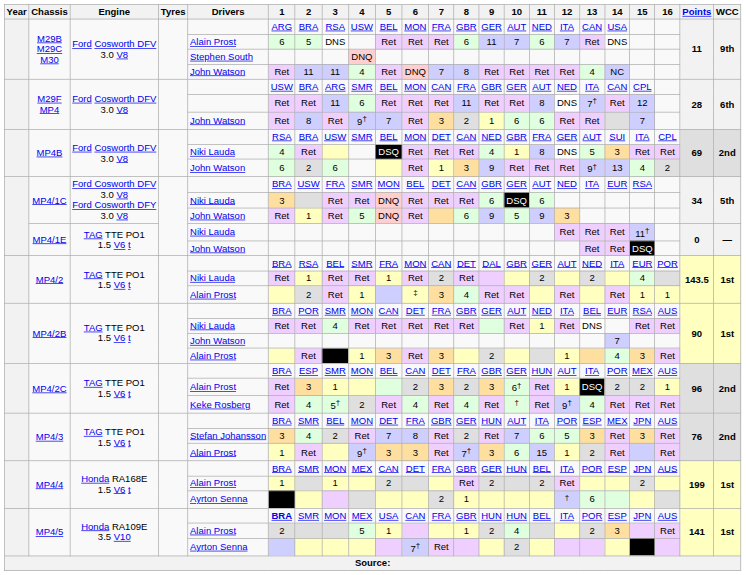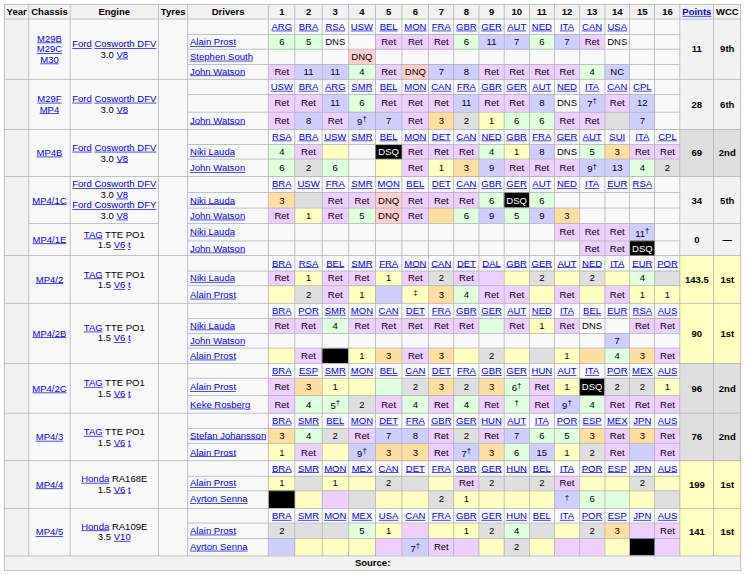 <table class="wikitable" style="text-align:center; font-size:85%">
 <tr>
 <th>Year</th>
 <th>Chassis</th>
 <th>Engine</th>
 <th>Tyres</th>
 <th>Drivers</th>
 <th>1</th>
 <th>2</th>
 <th>3</th>
 <th>4</th>
 <th>5</th>
 <th>6</th>
 <th>7</th>
 <th>8</th>
 <th>9</th>
 <th>10</th>
 <th>11</th>
 <th>12</th>
 <th>13</th>
 <th>14</th>
 <th>15</th>
 <th>16</th>
 <th><a href='#'>Points</a></th>
 <th>WCC</th>
 </tr>
 <tr>
 <th rowspan=4></th>
 <td rowspan=4><a href='#'>M29B</a><br><a href='#'>M29C</a><br><a href='#'>M30</a></td>
 <td rowspan=4><a href='#'>Ford</a> <a href='#'>Cosworth DFV</a><br>3.0 <a href='#'>V8</a></td>
 <td rowspan=4></td>
 <td></td>
 <td><a href='#'>ARG</a></td>
 <td><a href='#'>BRA</a></td>
 <td><a href='#'>RSA</a></td>
 <td><a href='#'>USW</a></td>
 <td><a href='#'>BEL</a></td>
 <td><a href='#'>MON</a></td>
 <td><a href='#'>FRA</a></td>
 <td><a href='#'>GBR</a></td>
 <td><a href='#'>GER</a></td>
 <td><a href='#'>AUT</a></td>
 <td><a href='#'>NED</a></td>
 <td><a href='#'>ITA</a></td>
 <td><a href='#'>CAN</a></td>
 <td><a href='#'>USA</a></td>
 <td></td>
 <td></td>
 <th rowspan=4>11</th>
 <th rowspan=4>9th</th>
 </tr>
 <tr>
 <td align="left"> <a href='#'>Alain Prost</a></td>
 <td style="background:#dfffdf">6</td>
 <td style="background:#dfffdf">5</td>
 <td style="background:#ffffff">DNS</td>
 <td></td>
 <td style="background:#efcfff">Ret</td>
 <td style="background:#efcfff">Ret</td>
 <td style="background:#efcfff">Ret</td>
 <td style="background:#dfffdf">6</td>
 <td style="background:#cfcfff">11</td>
 <td style="background:#cfcfff">7</td>
 <td style="background:#dfffdf">6</td>
 <td style="background:#cfcfff">7</td>
 <td style="background:#efcfff">Ret</td>
 <td style="background:#ffffff">DNS</td>
 <td></td>
 <td></td>
 </tr>
 <tr>
 <td align="left"> <a href='#'>Stephen South</a></td>
 <td></td>
 <td></td>
 <td></td>
 <td style="background:#FFCFCF">DNQ</td>
 <td></td>
 <td></td>
 <td></td>
 <td></td>
 <td></td>
 <td></td>
 <td></td>
 <td></td>
 <td></td>
 <td></td>
 <td></td>
 <td></td>
 </tr>
 <tr>
 <td align="left"> <a href='#'>John Watson</a></td>
 <td style="background:#efcfff">Ret</td>
 <td style="background:#cfcfff">11</td>
 <td style="background:#cfcfff">11</td>
 <td style="background:#dfffdf">4</td>
 <td style="background:#efcfff">Ret</td>
 <td style="background:#FFCFCF">DNQ</td>
 <td style="background:#cfcfff">7</td>
 <td style="background:#cfcfff">8</td>
 <td style="background:#efcfff">Ret</td>
 <td style="background:#efcfff">Ret</td>
 <td style="background:#efcfff">Ret</td>
 <td style="background:#efcfff">Ret</td>
 <td style="background:#dfffdf">4</td>
 <td style="background:#cfcfff">NC</td>
 <td></td>
 <td></td>
 </tr>
 <tr>
 <th rowspan=3></th>
 <td rowspan=3><a href='#'>M29F</a><br><a href='#'>MP4</a></td>
 <td rowspan=3><a href='#'>Ford</a> <a href='#'>Cosworth DFV</a><br>3.0 <a href='#'>V8</a></td>
 <td rowspan=3></td>
 <td></td>
 <td><a href='#'>USW</a></td>
 <td><a href='#'>BRA</a></td>
 <td><a href='#'>ARG</a></td>
 <td><a href='#'>SMR</a></td>
 <td><a href='#'>BEL</a></td>
 <td><a href='#'>MON</a></td>
 <td><a href='#'>CAN</a></td>
 <td><a href='#'>FRA</a></td>
 <td><a href='#'>GBR</a></td>
 <td><a href='#'>GER</a></td>
 <td><a href='#'>AUT</a></td>
 <td><a href='#'>NED</a></td>
 <td><a href='#'>ITA</a></td>
 <td><a href='#'>CAN</a></td>
 <td><a href='#'>CPL</a></td>
 <td></td>
 <th rowspan=3>28</th>
 <th rowspan=3>6th</th>
 </tr>
 <tr>
 <td align="left"></td>
 <td style="background:#efcfff">Ret</td>
 <td style="background:#efcfff">Ret</td>
 <td style="background:#cfcfff">11</td>
 <td style="background:#dfffdf">6</td>
 <td style="background:#efcfff">Ret</td>
 <td style="background:#efcfff">Ret</td>
 <td style="background:#efcfff">Ret</td>
 <td style="background:#cfcfff">11</td>
 <td style="background:#efcfff">Ret</td>
 <td style="background:#efcfff">Ret</td>
 <td style="background:#cfcfff">8</td>
 <td style="background:#ffffff">DNS</td>
 <td style="background:#cfcfff">7<sup>†</sup></td>
 <td style="background:#efcfff">Ret</td>
 <td style="background:#cfcfff">12</td>
 <td></td>
 </tr>
 <tr>
 <td align="left"> <a href='#'>John Watson</a></td>
 <td style="background:#efcfff">Ret</td>
 <td style="background:#cfcfff">8</td>
 <td style="background:#efcfff">Ret</td>
 <td style="background:#CFCFFF">9<sup>†</sup></td>
 <td style="background:#cfcfff">7</td>
 <td style="background:#efcfff">Ret</td>
 <td style="background:#ffdf9f">3</td>
 <td style="background:#dfdfdf">2</td>
 <td style="background:#ffffbf">1</td>
 <td style="background:#dfffdf">6</td>
 <td style="background:#dfffdf">6</td>
 <td style="background:#efcfff">Ret</td>
 <td style="background:#efcfff">Ret</td>
 <td style="background:#dfdfdf"></td>
 <td style="background:#cfcfff">7</td>
 <td></td>
 </tr>
 <tr>
 <th rowspan=3></th>
 <td rowspan=3><a href='#'>MP4B</a></td>
 <td rowspan=3><a href='#'>Ford</a> <a href='#'>Cosworth DFV</a><br>3.0 <a href='#'>V8</a></td>
 <td rowspan=3></td>
 <td></td>
 <td><a href='#'>RSA</a></td>
 <td><a href='#'>BRA</a></td>
 <td><a href='#'>USW</a></td>
 <td><a href='#'>SMR</a></td>
 <td><a href='#'>BEL</a></td>
 <td><a href='#'>MON</a></td>
 <td><a href='#'>DET</a></td>
 <td><a href='#'>CAN</a></td>
 <td><a href='#'>NED</a></td>
 <td><a href='#'>GBR</a></td>
 <td><a href='#'>FRA</a></td>
 <td><a href='#'>GER</a></td>
 <td><a href='#'>AUT</a></td>
 <td><a href='#'>SUI</a></td>
 <td><a href='#'>ITA</a></td>
 <td><a href='#'>CPL</a></td>
 <td rowspan=3 style="background:#dfdfdf"><strong>69</strong></td>
 <td rowspan=3 style="background:#dfdfdf"><strong>2nd</strong></td>
 </tr>
 <tr>
 <td align="left"> <a href='#'>Niki Lauda</a></td>
 <td style="background:#dfffdf">4</td>
 <td style="background:#efcfff">Ret</td>
 <td style="background:#ffffbf"></td>
 <td></td>
 <td style="background:#000000; color:white">DSQ</td>
 <td style="background:#efcfff">Ret</td>
 <td style="background:#efcfff">Ret</td>
 <td style="background:#efcfff">Ret</td>
 <td style="background:#dfffdf">4</td>
 <td style="background:#ffffbf">1</td>
 <td style="background:#cfcfff">8</td>
 <td style="background:#ffffff">DNS</td>
 <td style="background:#dfffdf">5</td>
 <td style="background:#ffdf9f">3</td>
 <td style="background:#efcfff">Ret</td>
 <td style="background:#efcfff">Ret</td>
 </tr>
 <tr>
 <td align="left"> <a href='#'>John Watson</a></td>
 <td style="background:#dfffdf">6</td>
 <td style="background:#dfdfdf">2</td>
 <td style="background:#dfffdf">6</td>
 <td></td>
 <td style="background:#ffffbf"></td>
 <td style="background:#efcfff">Ret</td>
 <td style="background:#ffffbf">1</td>
 <td style="background:#ffdf9f">3</td>
 <td style="background:#cfcfff">9</td>
 <td style="background:#efcfff">Ret</td>
 <td style="background:#efcfff">Ret</td>
 <td style="background:#efcfff">Ret</td>
 <td style="background:#cfcfff">9<sup>†</sup></td>
 <td style="background:#cfcfff">13</td>
 <td style="background:#dfffdf">4</td>
 <td style="background:#dfdfdf">2</td>
 </tr>
 <tr>
 <th rowspan=5></th>
 <td rowspan=3><a href='#'>MP4/1C</a></td>
 <td rowspan=3><a href='#'>Ford Cosworth DFV</a><br>3.0 <a href='#'>V8</a><br><a href='#'>Ford Cosworth DFY</a><br>3.0 <a href='#'>V8</a></td>
 <td rowspan=5></td>
 <td></td>
 <td><a href='#'>BRA</a></td>
 <td><a href='#'>USW</a></td>
 <td><a href='#'>FRA</a></td>
 <td><a href='#'>SMR</a></td>
 <td><a href='#'>MON</a></td>
 <td><a href='#'>BEL</a></td>
 <td><a href='#'>DET</a></td>
 <td><a href='#'>CAN</a></td>
 <td><a href='#'>GBR</a></td>
 <td><a href='#'>GER</a></td>
 <td><a href='#'>AUT</a></td>
 <td><a href='#'>NED</a></td>
 <td><a href='#'>ITA</a></td>
 <td><a href='#'>EUR</a></td>
 <td><a href='#'>RSA</a></td>
 <td></td>
 <th rowspan=3>34</th>
 <th rowspan=3>5th</th>
 </tr>
 <tr>
 <td align="left"> <a href='#'>Niki Lauda</a></td>
 <td style="background:#ffdf9f">3</td>
 <td style="background:#DFDFDF"></td>
 <td style="background:#efcfff">Ret</td>
 <td style="background:#efcfff">Ret</td>
 <td style="background:#FFCFCF">DNQ</td>
 <td style="background:#efcfff">Ret</td>
 <td style="background:#efcfff">Ret</td>
 <td style="background:#efcfff">Ret</td>
 <td style="background:#DFFFDF">6</td>
 <td style="background:#000000; color:white">DSQ</td>
 <td style="background:#DFFFDF">6</td>
 <td></td>
 <td></td>
 <td></td>
 <td></td>
 <td></td>
 </tr>
 <tr>
 <td align="left"> <a href='#'>John Watson</a></td>
 <td style="background:#efcfff">Ret</td>
 <td style="background:#FFFFBF">1</td>
 <td style="background:#efcfff">Ret</td>
 <td style="background:#DFFFDF">5</td>
 <td style="background:#FFCFCF">DNQ</td>
 <td style="background:#efcfff">Ret</td>
 <td style="background:#ffdf9f"></td>
 <td style="background:#DFFFDF">6</td>
 <td style="background:#CFCFFF">9</td>
 <td style="background:#DFFFDF">5</td>
 <td style="background:#CFCFFF">9</td>
 <td style="background:#ffdf9f">3</td>
 <td></td>
 <td></td>
 <td></td>
 <td></td>
 </tr>
 <tr>
 <td rowspan=2><a href='#'>MP4/1E</a></td>
 <td rowspan=2><a href='#'>TAG</a> TTE PO1<br>1.5 <a href='#'>V6</a> <a href='#'>t</a></td>
 <td align="left"> <a href='#'>Niki Lauda</a></td>
 <td></td>
 <td></td>
 <td></td>
 <td></td>
 <td></td>
 <td></td>
 <td></td>
 <td></td>
 <td></td>
 <td></td>
 <td></td>
 <td style="background:#efcfff">Ret</td>
 <td style="background:#efcfff">Ret</td>
 <td style="background:#efcfff">Ret</td>
 <td style="background:#CFCFFF">11<sup>†</sup></td>
 <td></td>
 <th rowspan=2>0</th>
 <th rowspan=2>—</th>
 </tr>
 <tr>
 <td align="left"> <a href='#'>John Watson</a></td>
 <td></td>
 <td></td>
 <td></td>
 <td></td>
 <td></td>
 <td></td>
 <td></td>
 <td></td>
 <td></td>
 <td></td>
 <td></td>
 <td></td>
 <td style="background:#efcfff">Ret</td>
 <td style="background:#efcfff">Ret</td>
 <td style="background:#000000; color:white">DSQ</td>
 <td></td>
 </tr>
 <tr>
 <th rowspan=3></th>
 <td rowspan=3><a href='#'>MP4/2</a></td>
 <td rowspan=3><a href='#'>TAG</a> TTE PO1<br>1.5 <a href='#'>V6</a> <a href='#'>t</a></td>
 <td rowspan=3></td>
 <td></td>
 <td><a href='#'>BRA</a></td>
 <td><a href='#'>RSA</a></td>
 <td><a href='#'>BEL</a></td>
 <td><a href='#'>SMR</a></td>
 <td><a href='#'>FRA</a></td>
 <td><a href='#'>MON</a></td>
 <td><a href='#'>CAN</a></td>
 <td><a href='#'>DET</a></td>
 <td><a href='#'>DAL</a></td>
 <td><a href='#'>GBR</a></td>
 <td><a href='#'>GER</a></td>
 <td><a href='#'>AUT</a></td>
 <td><a href='#'>NED</a></td>
 <td><a href='#'>ITA</a></td>
 <td><a href='#'>EUR</a></td>
 <td><a href='#'>POR</a></td>
 <td rowspan=3 style="background:#FFFFBF"><strong>143.5</strong></td>
 <td rowspan=3 style="background:#FFFFBF"><strong>1st</strong></td>
 </tr>
 <tr>
 <td align="left"> <a href='#'>Niki Lauda</a></td>
 <td style="background:#efcfff">Ret</td>
 <td style="background:#FFFFBF">1</td>
 <td style="background:#efcfff">Ret</td>
 <td style="background:#efcfff">Ret</td>
 <td style="background:#FFFFBF">1</td>
 <td style="background:#efcfff">Ret</td>
 <td style="background:#DFDFDF">2</td>
 <td style="background:#efcfff">Ret</td>
 <td style="background:#efcfff"></td>
 <td style="background:#FFFFBF"></td>
 <td style="background:#DFDFDF">2</td>
 <td style="background:#FFFFBF"></td>
 <td style="background:#DFDFDF">2</td>
 <td style="background:#FFFFBF"></td>
 <td style="background:#DFFFDF">4</td>
 <td style="background:#DFDFDF"></td>
 </tr>
 <tr>
 <td align="left"> <a href='#'>Alain Prost</a></td>
 <td style="background:#FFFFBF"></td>
 <td style="background:#DFDFDF">2</td>
 <td style="background:#efcfff">Ret</td>
 <td style="background:#FFFFBF">1</td>
 <td style="background:#CFCFFF"></td>
 <td style="background:#FFFFBF"><sup>‡</sup></td>
 <td style="background:#ffdf9f">3</td>
 <td style="background:#DFFFDF">4</td>
 <td style="background:#efcfff">Ret</td>
 <td style="background:#efcfff">Ret</td>
 <td style="background:#FFFFBF"></td>
 <td style="background:#efcfff">Ret</td>
 <td style="background:#FFFFBF"></td>
 <td style="background:#efcfff">Ret</td>
 <td style="background:#FFFFBF">1</td>
 <td style="background:#FFFFBF">1</td>
 </tr>
 <tr>
 <th rowspan=4></th>
 <td rowspan=4><a href='#'>MP4/2B</a></td>
 <td rowspan=4><a href='#'>TAG</a> TTE PO1<br>1.5 <a href='#'>V6</a> <a href='#'>t</a></td>
 <td rowspan=4></td>
 <td></td>
 <td><a href='#'>BRA</a></td>
 <td><a href='#'>POR</a></td>
 <td><a href='#'>SMR</a></td>
 <td><a href='#'>MON</a></td>
 <td><a href='#'>CAN</a></td>
 <td><a href='#'>DET</a></td>
 <td><a href='#'>FRA</a></td>
 <td><a href='#'>GBR</a></td>
 <td><a href='#'>GER</a></td>
 <td><a href='#'>AUT</a></td>
 <td><a href='#'>NED</a></td>
 <td><a href='#'>ITA</a></td>
 <td><a href='#'>BEL</a></td>
 <td><a href='#'>EUR</a></td>
 <td><a href='#'>RSA</a></td>
 <td><a href='#'>AUS</a></td>
 <td rowspan=4 style="background:#FFFFBF"><strong>90</strong></td>
 <td rowspan=4 style="background:#FFFFBF"><strong>1st</strong></td>
 </tr>
 <tr>
 <td align="left"> <a href='#'>Niki Lauda</a></td>
 <td style="background:#efcfff">Ret</td>
 <td style="background:#efcfff">Ret</td>
 <td style="background:#DFFFDF">4</td>
 <td style="background:#efcfff">Ret</td>
 <td style="background:#efcfff">Ret</td>
 <td style="background:#efcfff">Ret</td>
 <td style="background:#efcfff">Ret</td>
 <td style="background:#efcfff">Ret</td>
 <td style="background:#DFFFDF"></td>
 <td style="background:#efcfff">Ret</td>
 <td style="background:#FFFFBF">1</td>
 <td style="background:#efcfff">Ret</td>
 <td style="background:#ffffff">DNS</td>
 <td></td>
 <td style="background:#efcfff">Ret</td>
 <td style="background:#efcfff">Ret</td>
 </tr>
 <tr>
 <td align="left"> <a href='#'>John Watson</a></td>
 <td></td>
 <td></td>
 <td></td>
 <td></td>
 <td></td>
 <td></td>
 <td></td>
 <td></td>
 <td></td>
 <td></td>
 <td></td>
 <td></td>
 <td></td>
 <td style="background:#CFCFFF">7</td>
 <td></td>
 <td></td>
 </tr>
 <tr>
 <td align="left"> <a href='#'>Alain Prost</a></td>
 <td style="background:#FFFFBF"></td>
 <td style="background:#efcfff">Ret</td>
 <td style="background:#000000"><span>DSQ</span></td>
 <td style="background:#FFFFBF">1</td>
 <td style="background:#ffdf9f">3</td>
 <td style="background:#efcfff">Ret</td>
 <td style="background:#ffdf9f">3</td>
 <td style="background:#FFFFBF"></td>
 <td style="background:#DFDFDF">2</td>
 <td style="background:#FFFFBF"></td>
 <td style="background:#DFDFDF"></td>
 <td style="background:#FFFFBF">1</td>
 <td style="background:#ffdf9f"></td>
 <td style="background:#DFFFDF">4</td>
 <td style="background:#ffdf9f">3</td>
 <td style="background:#efcfff">Ret</td>
 </tr>
 <tr>
 <th rowspan=3></th>
 <td rowspan=3><a href='#'>MP4/2C</a></td>
 <td rowspan=3><a href='#'>TAG</a> TTE PO1<br>1.5 <a href='#'>V6</a> <a href='#'>t</a></td>
 <td rowspan=3></td>
 <td></td>
 <td><a href='#'>BRA</a></td>
 <td><a href='#'>ESP</a></td>
 <td><a href='#'>SMR</a></td>
 <td><a href='#'>MON</a></td>
 <td><a href='#'>BEL</a></td>
 <td><a href='#'>CAN</a></td>
 <td><a href='#'>DET</a></td>
 <td><a href='#'>FRA</a></td>
 <td><a href='#'>GBR</a></td>
 <td><a href='#'>GER</a></td>
 <td><a href='#'>HUN</a></td>
 <td><a href='#'>AUT</a></td>
 <td><a href='#'>ITA</a></td>
 <td><a href='#'>POR</a></td>
 <td><a href='#'>MEX</a></td>
 <td><a href='#'>AUS</a></td>
 <td rowspan=3 style="background:#dfdfdf"><strong>96</strong></td>
 <td rowspan=3 style="background:#dfdfdf"><strong>2nd</strong></td>
 </tr>
 <tr>
 <td align="left"> <a href='#'>Alain Prost</a></td>
 <td style="background:#efcfff">Ret</td>
 <td style="background:#ffdf9f">3</td>
 <td style="background:#FFFFBF">1</td>
 <td style="background:#FFFFBF"></td>
 <td style="background:#DFFFDF"></td>
 <td style="background:#DFDFDF">2</td>
 <td style="background:#ffdf9f">3</td>
 <td style="background:#DFDFDF">2</td>
 <td style="background:#ffdf9f">3</td>
 <td style="background:#DFFFDF">6<sup>†</sup></td>
 <td style="background:#efcfff">Ret</td>
 <td style="background:#FFFFBF">1</td>
 <td style="background:#000000; color:white">DSQ</td>
 <td style="background:#DFDFDF">2</td>
 <td style="background:#DFDFDF">2</td>
 <td style="background:#FFFFBF">1</td>
 </tr>
 <tr>
 <td align="left"> <a href='#'>Keke Rosberg</a></td>
 <td style="background:#efcfff">Ret</td>
 <td style="background:#DFFFDF">4</td>
 <td style="background:#DFFFDF">5<sup>†</sup></td>
 <td style="background:#DFDFDF">2</td>
 <td style="background:#efcfff">Ret</td>
 <td style="background:#DFFFDF">4</td>
 <td style="background:#efcfff">Ret</td>
 <td style="background:#DFFFDF">4</td>
 <td style="background:#efcfff">Ret</td>
 <td style="background:#DFFFDF"><sup>†</sup></td>
 <td style="background:#efcfff">Ret</td>
 <td style="background:#CFCFFF">9<sup>†</sup></td>
 <td style="background:#DFFFDF">4</td>
 <td style="background:#efcfff">Ret</td>
 <td style="background:#efcfff">Ret</td>
 <td style="background:#efcfff">Ret</td>
 </tr>
 <tr>
 <th rowspan=3></th>
 <td rowspan=3><a href='#'>MP4/3</a></td>
 <td rowspan=3><a href='#'>TAG</a> TTE PO1<br>1.5 <a href='#'>V6</a> <a href='#'>t</a></td>
 <td rowspan=3></td>
 <td></td>
 <td><a href='#'>BRA</a></td>
 <td><a href='#'>SMR</a></td>
 <td><a href='#'>BEL</a></td>
 <td><a href='#'>MON</a></td>
 <td><a href='#'>DET</a></td>
 <td><a href='#'>FRA</a></td>
 <td><a href='#'>GBR</a></td>
 <td><a href='#'>GER</a></td>
 <td><a href='#'>HUN</a></td>
 <td><a href='#'>AUT</a></td>
 <td><a href='#'>ITA</a></td>
 <td><a href='#'>POR</a></td>
 <td><a href='#'>ESP</a></td>
 <td><a href='#'>MEX</a></td>
 <td><a href='#'>JPN</a></td>
 <td><a href='#'>AUS</a></td>
 <td rowspan=3 style="background:#dfdfdf"><strong>76</strong></td>
 <td rowspan=3 style="background:#dfdfdf"><strong>2nd</strong></td>
 </tr>
 <tr>
 <td align="left"> <a href='#'>Stefan Johansson</a></td>
 <td style="background:#ffdf9f">3</td>
 <td style="background:#DFFFDF">4</td>
 <td style="background:#DFDFDF">2</td>
 <td style="background:#efcfff">Ret</td>
 <td style="background:#CFCFFF">7</td>
 <td style="background:#CFCFFF">8</td>
 <td style="background:#efcfff">Ret</td>
 <td style="background:#DFDFDF">2</td>
 <td style="background:#efcfff">Ret</td>
 <td style="background:#CFCFFF">7</td>
 <td style="background:#DFFFDF">6</td>
 <td style="background:#DFFFDF">5</td>
 <td style="background:#ffdf9f">3</td>
 <td style="background:#efcfff">Ret</td>
 <td style="background:#ffdf9f">3</td>
 <td style="background:#efcfff">Ret</td>
 </tr>
 <tr>
 <td align="left"> <a href='#'>Alain Prost</a></td>
 <td style="background:#FFFFBF">1</td>
 <td style="background:#efcfff">Ret</td>
 <td style="background:#FFFFBF"></td>
 <td style="background:#CFCFFF">9<sup>†</sup></td>
 <td style="background:#ffdf9f">3</td>
 <td style="background:#ffdf9f">3</td>
 <td style="background:#efcfff">Ret</td>
 <td style="background:#CFCFFF">7<sup>†</sup></td>
 <td style="background:#ffdf9f">3</td>
 <td style="background:#DFFFDF">6</td>
 <td style="background:#CFCFFF">15</td>
 <td style="background:#FFFFBF">1</td>
 <td style="background:#DFDFDF">2</td>
 <td style="background:#efcfff">Ret</td>
 <td style="background:#CFCFFF"></td>
 <td style="background:#efcfff">Ret</td>
 </tr>
 <tr>
 <th rowspan=3></th>
 <td rowspan=3><a href='#'>MP4/4</a></td>
 <td rowspan=3><a href='#'>Honda</a> RA168E<br>1.5 <a href='#'>V6</a> <a href='#'>t</a></td>
 <td rowspan=3></td>
 <td></td>
 <td><a href='#'>BRA</a></td>
 <td><a href='#'>SMR</a></td>
 <td><a href='#'>MON</a></td>
 <td><a href='#'>MEX</a></td>
 <td><a href='#'>CAN</a></td>
 <td><a href='#'>DET</a></td>
 <td><a href='#'>FRA</a></td>
 <td><a href='#'>GBR</a></td>
 <td><a href='#'>GER</a></td>
 <td><a href='#'>HUN</a></td>
 <td><a href='#'>BEL</a></td>
 <td><a href='#'>ITA</a></td>
 <td><a href='#'>POR</a></td>
 <td><a href='#'>ESP</a></td>
 <td><a href='#'>JPN</a></td>
 <td><a href='#'>AUS</a></td>
 <td rowspan=3 style="background:#ffffbf"><strong>199</strong></td>
 <td rowspan=3 style="background:#ffffbf"><strong>1st</strong></td>
 </tr>
 <tr>
 <td align="left"> <a href='#'>Alain Prost</a></td>
 <td style="background:#FFFFBF">1</td>
 <td style="background:#DFDFDF"></td>
 <td style="background:#FFFFBF">1</td>
 <td style="background:#FFFFBF"></td>
 <td style="background:#DFDFDF">2</td>
 <td style="background:#DFDFDF"></td>
 <td style="background:#FFFFBF"></td>
 <td style="background:#efcfff">Ret</td>
 <td style="background:#DFDFDF">2</td>
 <td style="background:#DFDFDF"></td>
 <td style="background:#DFDFDF">2</td>
 <td style="background:#efcfff">Ret</td>
 <td style="background:#FFFFBF"></td>
 <td style="background:#FFFFBF"></td>
 <td style="background:#DFDFDF">2</td>
 <td style="background:#FFFFBF"></td>
 </tr>
 <tr>
 <td align="left"> <a href='#'>Ayrton Senna</a></td>
 <td style="background:#000000; color:white"></td>
 <td style="background:#FFFFBF"></td>
 <td style="background:#efcfff"></td>
 <td style="background:#DFDFDF"></td>
 <td style="background:#FFFFBF"></td>
 <td style="background:#FFFFBF"></td>
 <td style="background:#DFDFDF">2</td>
 <td style="background:#FFFFBF">1</td>
 <td style="background:#FFFFBF"></td>
 <td style="background:#FFFFBF"></td>
 <td style="background:#FFFFBF"></td>
 <td style="background:#CFCFFF"><sup>†</sup></td>
 <td style="background:#DFFFDF">6</td>
 <td style="background:#DFFFDF"></td>
 <td style="background:#FFFFBF"></td>
 <td style="background:#DFDFDF"></td>
 </tr>
 <tr>
 <th rowspan=3></th>
 <td rowspan=3><a href='#'>MP4/5</a></td>
 <td rowspan=3><a href='#'>Honda</a> RA109E<br>3.5 <a href='#'>V10</a></td>
 <td rowspan=3></td>
 <td></td>
-<td><strong><a href='#'>BRA</a></strong></td>
+<td><a href='#'>BRA</a></td>
 <td><a href='#'>SMR</a></td>
 <td><a href='#'>MON</a></td>
 <td><a href='#'>MEX</a></td>
 <td><a href='#'>USA</a></td>
 <td><a href='#'>CAN</a></td>
 <td><a href='#'>FRA</a></td>
 <td><a href='#'>GBR</a></td>
-<td><a href='#'>HUN</a></td>
+<td><a href='#'>GER</a></td>
 <td><a href='#'>HUN</a></td>
 <td><a href='#'>BEL</a></td>
 <td><a href='#'>ITA</a></td>
 <td><a href='#'>POR</a></td>
 <td><a href='#'>ESP</a></td>
 <td><a href='#'>JPN</a></td>
 <td><a href='#'>AUS</a></td>
 <td rowspan=3 style="background:#ffffbf"><strong>141</strong></td>
 <td rowspan=3 style="background:#ffffbf"><strong>1st</strong></td>
 </tr>
 <tr>
 <td align="left"> <a href='#'>Alain Prost</a></td>
 <td style="background:#dfdfdf">2</td>
 <td style="background:#dfdfdf"></td>
 <td style="background:#dfdfdf"></td>
 <td style="background:#dfffdf">5</td>
 <td style="background:#ffffbf">1</td>
 <td style="background:#efcfff"></td>
 <td style="background:#ffffbf"></td>
 <td style="background:#ffffbf">1</td>
 <td style="background:#dfdfdf">2</td>
 <td style="background:#dfffdf">4</td>
 <td style="background:#dfdfdf"></td>
 <td style="background:#ffffbf"></td>
 <td style="background:#dfdfdf">2</td>
 <td style="background:#ffdf9f">3</td>
 <td style="background:#efcfff"></td>
 <td style="background:#efcfff">Ret</td>
 </tr>
 <tr>
 <td align="left"> <a href='#'>Ayrton Senna</a></td>
 <td style="background:#cfcfff"></td>
 <td style="background:#ffffbf"></td>
 <td style="background:#ffffbf"></td>
 <td style="background:#ffffbf"></td>
 <td style="background:#efcfff"></td>
 <td style="background:#cfcfff">7<sup>†</sup></td>
 <td style="background:#efcfff">Ret</td>
 <td style="background:#efcfff"></td>
 <td style="background:#ffffbf"></td>
 <td style="background:#dfdfdf">2</td>
 <td style="background:#ffffbf"></td>
 <td style="background:#efcfff"></td>
 <td style="background:#efcfff"></td>
 <td style="background:#ffffbf"></td>
 <td style="background:#000000; color:white"></td>
 <td style="background:#efcfff"></td>
 </tr>
 <tr>
 <th colspan="23">Source:</th>
 </tr>
 </table>
